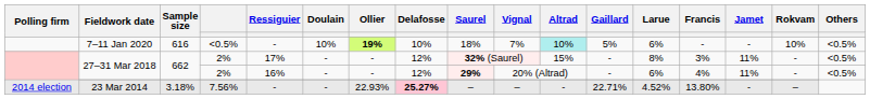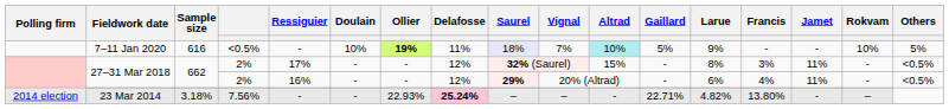 <table class="wikitable sortable" style="text-align:center;font-size:90%;line-height:14px;">
 <tr style="height:40px;">
 <th style="width:100px;" rowspan="2">Polling firm</th>
 <th style="width:110px;" rowspan="2">Fieldwork date</th>
 <th style="width:35px;" rowspan="2">Sample<br>size</th>
 <th class="unsortable" style="width:60px;"></th>
 <th class="unsortable" style="width:60px;"><a href='#'>Ressiguier</a><br></th>
 <th class="unsortable" style="width:60px;">Doulain<br></th>
 <th class="unsortable" style="width:60px;">Ollier<br></th>
 <th class="unsortable" style="width:60px;">Delafosse<br></th>
 <th class="unsortable" style="width:60px;"><a href='#'>Saurel</a><br></th>
 <th class="unsortable" style="width:60px;"><a href='#'>Vignal</a> </th>
 <th class="unsortable" style="width:60px;"><a href='#'>Altrad</a><br></th>
 <th class="unsortable" style="width:60px;"><a href='#'>Gaillard</a><br></th>
 <th class="unsortable" style="width:60px;">Larue<br></th>
 <th class="unsortable" style="width:60px;">Francis<br></th>
 <th class="unsortable" style="width:60px;"><a href='#'>Jamet</a><br></th>
 <th class="unsortable" style="width:60px;">Rokvam<br></th>
 <th class="unsortable" style="width:60px;">Others</th>
 </tr>
 <tr>
 <th style="background:"></th>
 <th style="background:"></th>
 <th style="background:"></th>
 <th style="background:"></th>
 <th style="background:"></th>
 <th style="background:"></th>
 <th style="background:"></th>
 <th style="background:"></th>
 <th style="background:"></th>
 <th style="background:"></th>
 <th style="background:"></th>
 <th style="background:"></th>
 <th style="background:"></th>
 <th style="background:"></th>
 </tr>
 <tr>
 <td></td>
 <td data-sort-value="2020-01-17">7–11 Jan 2020</td>
 <td>616</td>
 <td><0.5%</td>
 <td>-</td>
 <td>10%</td>
 <td style="background:#d3fc79;"><strong>19%</strong></td>
-<td>10%</td>
-<td>18%</td>
+<td>11%</td>
+<td style="background: lavender;">18%</td>
 <td>7%</td>
 <td style="background: paleturquoise;">10%</td>
 <td>5%</td>
-<td>6%</td>
+<td>9%</td>
 <td>-</td>
 <td>-</td>
 <td>10%</td>
-<td data-sort-value="0%"><0.5%</td>
+<td data-sort-value="0%">5%</td>
 </tr>
 <tr>
 <td rowspan="3" style="background:#FFCCCC;"></td>
 <td rowspan="2" data-sort-value="2018-03-31">27–31 Mar 2018</td>
 <td rowspan="2">662</td>
 <td>2%</td>
 <td>17%</td>
 <td>-</td>
 <td>-</td>
 <td>12%</td>
 <td style="background:#FFEDED;" colspan="2"><strong>32%</strong> (Saurel)</td>
 <td>15%</td>
 <td>-</td>
 <td>8%</td>
 <td>3%</td>
 <td>11%</td>
 <td>-</td>
 <td data-sort-value="0%"><0.5%</td>
 </tr>
 <tr>
 <td>2%</td>
 <td>16%</td>
 <td>-</td>
 <td>-</td>
 <td>12%</td>
 <td style="background:#FFEDED;"><strong>29%</strong></td>
 <td colspan="2">20% (Altrad)</td>
 <td>-</td>
 <td>6%</td>
 <td>4%</td>
 <td>11%</td>
 <td>-</td>
 <td data-sort-value="0%"><0.5%</td>
 </tr>
 <tr>
 </tr>
 <tr style="background:#E9E9E9;">
 <td><a href='#'>2014 election</a></td>
 <td data-sort-value="2014-03-23">23 Mar 2014</td>
 <td>3.18%</td>
 <td>7.56%</td>
 <td>-</td>
 <td>-</td>
 <td>22.93%</td>
-<td style="background:#FFC6D5;"><strong>25.27%</strong></td>
+<td style="background:#FFC6D5;"><strong>25.24%</strong></td>
 <td>–</td>
 <td>–</td>
 <td>-</td>
 <td>22.71%</td>
-<td>4.52%</td>
+<td>4.82%</td>
 <td>13.80%</td>
 <td>-</td>
 <td>–</td>
 </tr>
 </table>
